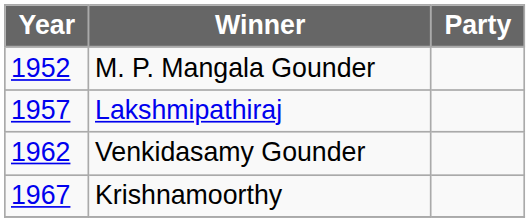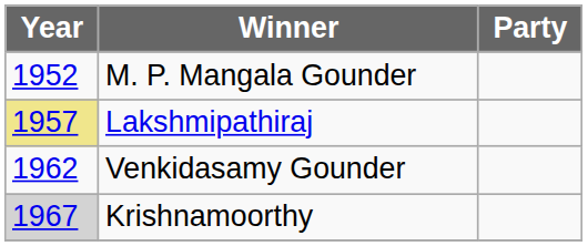 <table class="wikitable" width="50%">
 <tr>
 <th style="background-color:#666666; color:white">Year</th>
 <th style="background-color:#666666; color:white">Winner</th>
 <th style="background-color:#666666; color:white" colspan="2">Party</th>
 </tr>
 <tr>
 <td><a href='#'>1952</a></td>
 <td>M. P. Mangala Gounder</td>
 <td></td>
 </tr>
 <tr>
-<td><a href='#'>1957</a></td>
+<td style="background: khaki;"><a href='#'>1957</a></td>
 <td><a href='#'>Lakshmipathiraj</a></td>
 <td></td>
 </tr>
 <tr>
 <td><a href='#'>1962</a></td>
 <td>Venkidasamy Gounder</td>
 <td></td>
 </tr>
 <tr>
-<td><a href='#'>1967</a></td>
+<td style="background: lightgrey;"><a href='#'>1967</a></td>
 <td>Krishnamoorthy</td>
 <td></td>
 </tr>
 <tr>
 </tr>
 </table>
